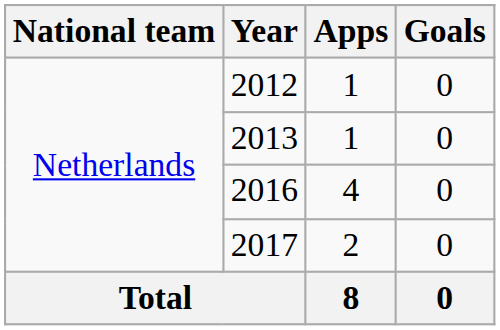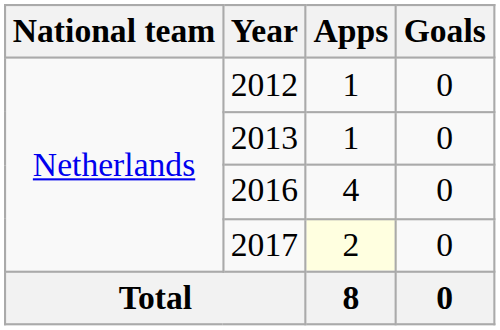 <table class="wikitable" style="text-align:center">
 <tr>
 <th>National team</th>
 <th>Year</th>
 <th>Apps</th>
 <th>Goals</th>
 </tr>
 <tr>
 <td rowspan="4"><a href='#'>Netherlands</a></td>
 <td>2012</td>
 <td>1</td>
 <td>0</td>
 </tr>
 <tr>
 <td>2013</td>
 <td>1</td>
 <td>0</td>
 </tr>
 <tr>
 <td>2016</td>
 <td>4</td>
 <td>0</td>
 </tr>
 <tr>
 <td>2017</td>
-<td>2</td>
+<td style="background: lightyellow;">2</td>
 <td>0</td>
 </tr>
 <tr>
 <th colspan=2>Total</th>
 <th>8</th>
 <th>0</th>
 </tr>
 </table>
